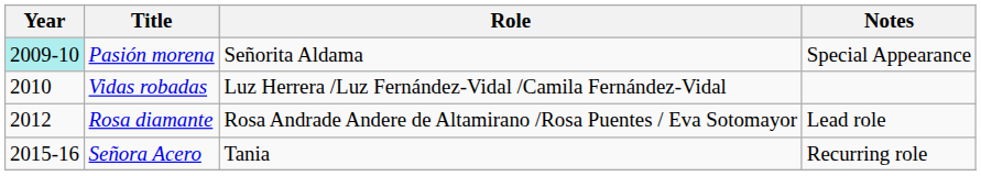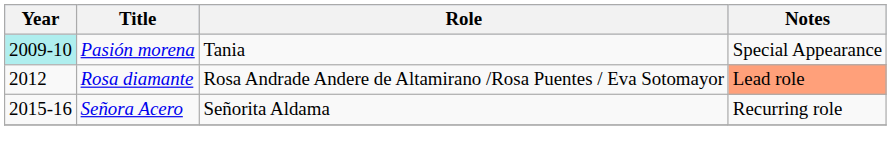 <table class="wikitable">
 <tr style="background:#b0c4de;">
 <th>Year</th>
 <th>Title</th>
 <th>Role</th>
 <th>Notes</th>
 </tr>
 <tr>
 <td style="background: paleturquoise;">2009-10</td>
 <td><em><a href='#'>Pasión morena</a></em></td>
-<td>Señorita Aldama</td>
+<td>Tania</td>
 <td>Special Appearance</td>
-</tr>
-<tr>
-<td>2010</td>
-<td><em><a href='#'>Vidas robadas</a></em></td>
-<td>Luz Herrera /Luz Fernández-Vidal /Camila Fernández-Vidal</td>
-<td></td>
 </tr>
 <tr>
 <td>2012</td>
 <td><em><a href='#'>Rosa diamante</a></em></td>
 <td>Rosa Andrade Andere de Altamirano /Rosa Puentes / Eva Sotomayor</td>
-<td>Lead role</td>
+<td style="background: lightsalmon;">Lead role</td>
 </tr>
 <tr>
 <td>2015-16</td>
 <td><em><a href='#'>Señora Acero</a></em></td>
-<td>Tania</td>
+<td>Señorita Aldama</td>
 <td>Recurring role</td>
 </tr>
 <tr>
 </tr>
 </table>
